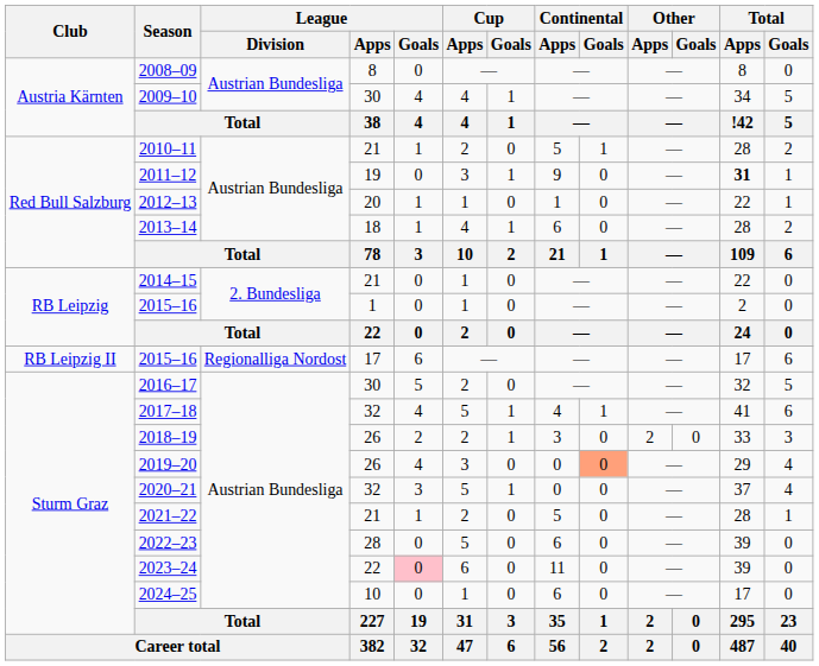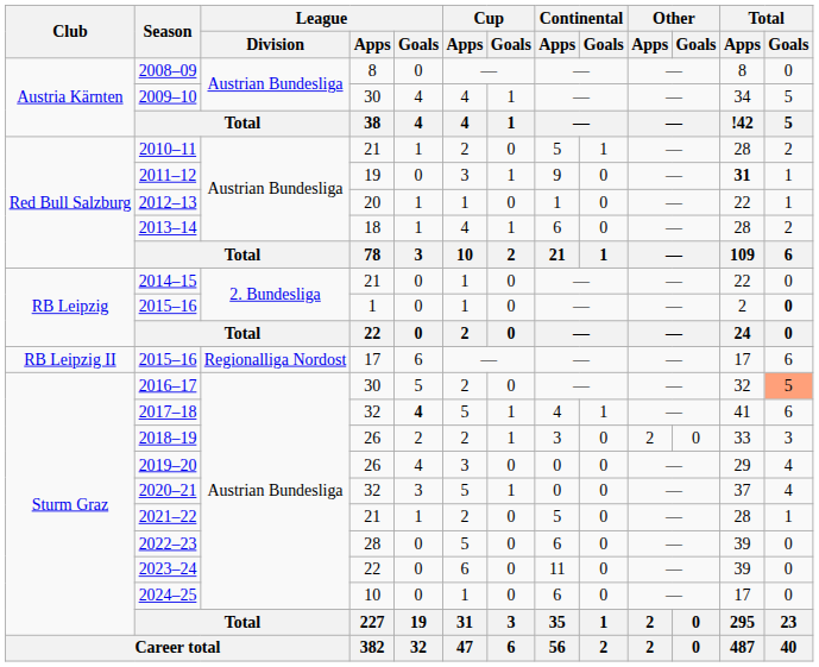 <table class="wikitable" style="text-align:center">
 <tr>
 <th rowspan="2">Club</th>
 <th rowspan="2">Season</th>
 <th colspan="3">League</th>
 <th colspan="2">Cup</th>
 <th colspan="2">Continental</th>
 <th colspan="2">Other</th>
 <th colspan="2">Total</th>
 </tr>
 <tr>
 <th>Division</th>
 <th>Apps</th>
 <th>Goals</th>
 <th>Apps</th>
 <th>Goals</th>
 <th>Apps</th>
 <th>Goals</th>
 <th>Apps</th>
 <th>Goals</th>
 <th>Apps</th>
 <th>Goals</th>
 </tr>
 <tr>
 <td rowspan="3"><a href='#'>Austria Kärnten</a></td>
 <td><a href='#'>2008–09</a></td>
 <td rowspan="2"><a href='#'>Austrian Bundesliga</a></td>
 <td>8</td>
 <td>0</td>
 <td colspan="2">—</td>
 <td colspan="2">—</td>
 <td colspan="2">—</td>
 <td>8</td>
 <td>0</td>
 </tr>
 <tr>
 <td><a href='#'>2009–10</a></td>
 <td>30</td>
 <td>4</td>
 <td>4</td>
 <td>1</td>
 <td colspan="2">—</td>
 <td colspan="2">—</td>
 <td>34</td>
 <td>5</td>
 </tr>
 <tr>
 <th colspan="2">Total</th>
 <th>38</th>
 <th>4</th>
 <th>4</th>
 <th>1</th>
 <th colspan="2">—</th>
 <th colspan="2">—</th>
 <th>!42</th>
 <th>5</th>
 </tr>
 <tr>
 <td rowspan="5"><a href='#'>Red Bull Salzburg</a></td>
 <td><a href='#'>2010–11</a></td>
 <td rowspan="4">Austrian Bundesliga</td>
 <td>21</td>
 <td>1</td>
 <td>2</td>
 <td>0</td>
 <td>5</td>
 <td>1</td>
 <td colspan="2">—</td>
 <td>28</td>
 <td>2</td>
 </tr>
 <tr>
 <td><a href='#'>2011–12</a></td>
 <td>19</td>
 <td>0</td>
 <td>3</td>
 <td>1</td>
 <td>9</td>
 <td>0</td>
 <td colspan="2">—</td>
 <td><strong>31</strong></td>
 <td>1</td>
 </tr>
 <tr>
 <td><a href='#'>2012–13</a></td>
 <td>20</td>
 <td>1</td>
 <td>1</td>
 <td>0</td>
 <td>1</td>
 <td>0</td>
 <td colspan="2">—</td>
 <td>22</td>
 <td>1</td>
 </tr>
 <tr>
 <td><a href='#'>2013–14</a></td>
 <td>18</td>
 <td>1</td>
 <td>4</td>
 <td>1</td>
 <td>6</td>
 <td>0</td>
 <td colspan="2">—</td>
 <td>28</td>
 <td>2</td>
 </tr>
 <tr>
 <th colspan="2">Total</th>
 <th>78</th>
 <th>3</th>
 <th>10</th>
 <th>2</th>
 <th>21</th>
 <th>1</th>
 <th colspan="2">—</th>
 <th>109</th>
 <th>6</th>
 </tr>
 <tr>
 <td rowspan="3"><a href='#'>RB Leipzig</a></td>
 <td><a href='#'>2014–15</a></td>
 <td rowspan="2"><a href='#'>2. Bundesliga</a></td>
 <td>21</td>
 <td>0</td>
 <td>1</td>
 <td>0</td>
 <td colspan="2">—</td>
 <td colspan="2">—</td>
 <td>22</td>
 <td>0</td>
 </tr>
 <tr>
 <td><a href='#'>2015–16</a></td>
 <td>1</td>
 <td>0</td>
 <td>1</td>
 <td>0</td>
 <td colspan="2">—</td>
 <td colspan="2">—</td>
 <td>2</td>
-<td>0</td>
+<td><strong>0</strong></td>
 </tr>
 <tr>
 <th colspan="2">Total</th>
 <th>22</th>
 <th>0</th>
 <th>2</th>
 <th>0</th>
 <th colspan="2">—</th>
 <th colspan="2">—</th>
 <th>24</th>
 <th>0</th>
 </tr>
 <tr>
 <td><a href='#'>RB Leipzig II</a></td>
 <td><a href='#'>2015–16</a></td>
 <td><a href='#'>Regionalliga Nordost</a></td>
 <td>17</td>
 <td>6</td>
 <td colspan="2">—</td>
 <td colspan="2">—</td>
 <td colspan="2">—</td>
 <td>17</td>
 <td>6</td>
 </tr>
 <tr>
 <td rowspan="10"><a href='#'>Sturm Graz</a></td>
 <td><a href='#'>2016–17</a></td>
 <td rowspan="9">Austrian Bundesliga</td>
 <td>30</td>
 <td>5</td>
 <td>2</td>
 <td>0</td>
 <td colspan="2">—</td>
 <td colspan="2">—</td>
 <td>32</td>
-<td>5</td>
+<td style="background: lightsalmon;">5</td>
 </tr>
 <tr>
 <td><a href='#'>2017–18</a></td>
 <td>32</td>
-<td>4</td>
+<td><strong>4</strong></td>
 <td>5</td>
 <td>1</td>
 <td>4</td>
 <td>1</td>
 <td colspan="2">—</td>
 <td>41</td>
 <td>6</td>
 </tr>
 <tr>
 <td><a href='#'>2018–19</a></td>
 <td>26</td>
 <td>2</td>
 <td>2</td>
 <td>1</td>
 <td>3</td>
 <td>0</td>
 <td>2</td>
 <td>0</td>
 <td>33</td>
 <td>3</td>
 </tr>
 <tr>
 <td><a href='#'>2019–20</a></td>
 <td>26</td>
 <td>4</td>
 <td>3</td>
 <td>0</td>
 <td>0</td>
-<td style="background: lightsalmon;">0</td>
+<td>0</td>
 <td colspan="2">—</td>
 <td>29</td>
 <td>4</td>
 </tr>
 <tr>
 <td><a href='#'>2020–21</a></td>
 <td>32</td>
 <td>3</td>
 <td>5</td>
 <td>1</td>
 <td>0</td>
 <td>0</td>
 <td colspan="2">—</td>
 <td>37</td>
 <td>4</td>
 </tr>
 <tr>
 <td><a href='#'>2021–22</a></td>
 <td>21</td>
 <td>1</td>
 <td>2</td>
 <td>0</td>
 <td>5</td>
 <td>0</td>
 <td colspan="2">—</td>
 <td>28</td>
 <td>1</td>
 </tr>
 <tr>
 <td><a href='#'>2022–23</a></td>
 <td>28</td>
 <td>0</td>
 <td>5</td>
 <td>0</td>
 <td>6</td>
 <td>0</td>
 <td colspan="2">—</td>
 <td>39</td>
 <td>0</td>
 </tr>
 <tr>
 <td><a href='#'>2023–24</a></td>
 <td>22</td>
-<td style="background: pink;">0</td>
+<td>0</td>
 <td>6</td>
 <td>0</td>
 <td>11</td>
 <td>0</td>
 <td colspan="2">—</td>
 <td>39</td>
 <td>0</td>
 </tr>
 <tr>
 <td><a href='#'>2024–25</a></td>
 <td>10</td>
 <td>0</td>
 <td>1</td>
 <td>0</td>
 <td>6</td>
 <td>0</td>
 <td colspan="2">—</td>
 <td>17</td>
 <td>0</td>
 </tr>
 <tr>
 <th colspan="2">Total</th>
 <th>227</th>
 <th>19</th>
 <th>31</th>
 <th>3</th>
 <th>35</th>
 <th>1</th>
 <th>2</th>
 <th>0</th>
 <th>295</th>
 <th>23</th>
 </tr>
 <tr>
 <th colspan="3">Career total</th>
 <th>382</th>
 <th>32</th>
 <th>47</th>
 <th>6</th>
 <th>56</th>
 <th>2</th>
 <th>2</th>
 <th>0</th>
 <th>487</th>
 <th>40</th>
 </tr>
 </table>
